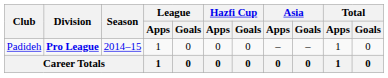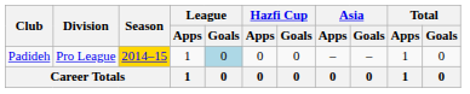 <table class="wikitable" style="text-align: center;">
 <tr>
 <th rowspan="2">Club</th>
 <th rowspan="2">Division</th>
 <th rowspan="2">Season</th>
 <th colspan="2">League</th>
 <th colspan="2"><a href='#'>Hazfi Cup</a></th>
 <th colspan="2"><a href='#'>Asia</a></th>
 <th colspan="2">Total</th>
 </tr>
 <tr>
 <th>Apps</th>
 <th>Goals</th>
 <th>Apps</th>
 <th>Goals</th>
 <th>Apps</th>
 <th>Goals</th>
 <th>Apps</th>
 <th>Goals</th>
 </tr>
 <tr>
 <td><a href='#'>Padideh</a></td>
-<td><strong><a href='#'>Pro League</a></strong></td>
-<td><a href='#'>2014–15</a></td>
+<td><a href='#'>Pro League</a></td>
+<td style="background: gold;"><a href='#'>2014–15</a></td>
 <td>1</td>
-<td>0</td>
+<td style="background: lightblue;">0</td>
 <td>0</td>
 <td>0</td>
 <td>–</td>
 <td>–</td>
 <td>1</td>
 <td>0</td>
 </tr>
 <tr>
 <th colspan=3>Career Totals</th>
 <th>1</th>
 <th>0</th>
 <th>0</th>
 <th>0</th>
 <th>0</th>
 <th>0</th>
 <th>1</th>
 <th>0</th>
 </tr>
 </table>
